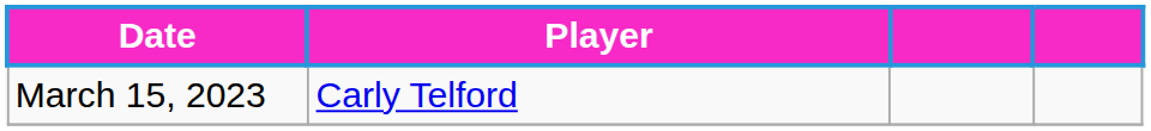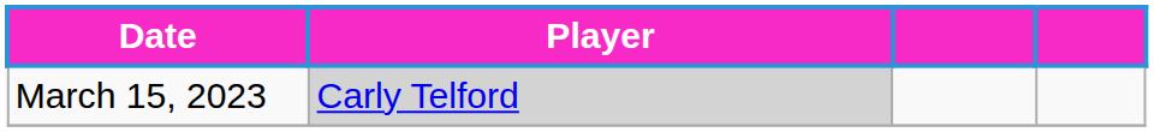 <table class="wikitable">
 <tr>
 <th style="background:#f72ac7; color:#fff; border:2px solid #2597d9; width:125px;" scope="col">Date</th>
 <th style="background:#f72ac7; color:#fff; border:2px solid #2597d9; width:250px;" scope="col">Player</th>
 <th style="background:#f72ac7; color:#fff; border:2px solid #2597d9; width:55px;" scope="col"></th>
 <th style="background:#f72ac7; color:#fff; border:2px solid #2597d9; width:40px;" scope="col"></th>
 </tr>
 <tr>
 <td>March 15, 2023</td>
-<td> <a href='#'>Carly Telford</a></td>
+<td style="background: lightgrey;"> <a href='#'>Carly Telford</a></td>
 <td></td>
 <td></td>
 </tr>
 <tr>
 </tr>
 </table>
